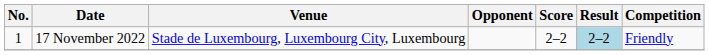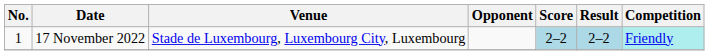 <table class="wikitable sortable">
 <tr>
 <th scope="col">No.</th>
 <th scope="col">Date</th>
 <th scope="col">Venue</th>
 <th scope="col">Opponent</th>
 <th scope="col">Score</th>
 <th scope="col">Result</th>
 <th scope="col">Competition</th>
 </tr>
 <tr>
 <td style="text-align:center">1</td>
 <td>17 November 2022</td>
 <td><a href='#'>Stade de Luxembourg</a>, <a href='#'>Luxembourg City</a>, Luxembourg</td>
 <td></td>
-<td style="text-align:center">2–2</td>
 <td style="background: lightblue; text-align:center">2–2</td>
-<td><a href='#'>Friendly</a></td>
+<td style="background: lightblue; text-align:center">2–2</td>
+<td style="background: paleturquoise;"><a href='#'>Friendly</a></td>
 </tr>
 <tr>
 </tr>
 </table>
